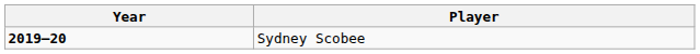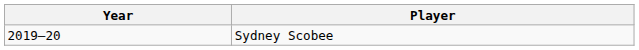 <table class="wikitable" style="width: 50em">
 <tr>
 <th>Year</th>
 <th>Player</th>
 </tr>
 <tr>
-<td><strong>2019–20</strong></td>
+<td>2019–20</td>
 <td>Sydney Scobee</td>
 </tr>
 </table>
